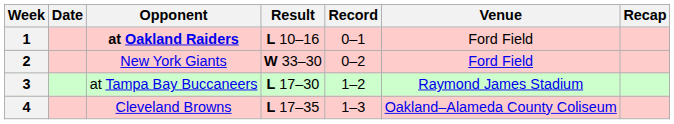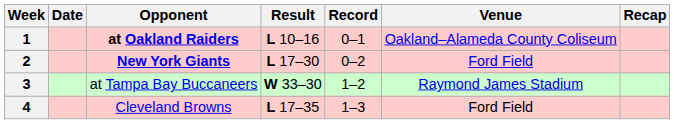 <table class="wikitable" style="text-align:center">
 <tr>
 <th>Week</th>
 <th>Date</th>
 <th>Opponent</th>
 <th>Result</th>
 <th>Record</th>
 <th>Venue</th>
 <th>Recap</th>
 </tr>
 <tr style="background:#fcc">
 <th>1</th>
 <td></td>
 <td><strong>at <a href='#'>Oakland Raiders</a></strong></td>
 <td><strong>L</strong> 10–16</td>
 <td>0–1</td>
-<td>Ford Field</td>
+<td><a href='#'>Oakland–Alameda County Coliseum</a></td>
 <td></td>
 </tr>
 <tr style="background:#fcc">
 <th>2</th>
 <td></td>
-<td><a href='#'>New York Giants</a></td>
-<td><strong>W</strong> 33–30</td>
+<td><strong><a href='#'>New York Giants</a></strong></td>
+<td><strong>L</strong> 17–30</td>
 <td>0–2</td>
 <td><a href='#'>Ford Field</a></td>
 <td></td>
 </tr>
 <tr style="background:#cfc">
 <th>3</th>
 <td></td>
 <td>at <a href='#'>Tampa Bay Buccaneers</a></td>
-<td><strong>L</strong> 17–30</td>
+<td><strong>W</strong> 33–30</td>
 <td>1–2</td>
 <td><a href='#'>Raymond James Stadium</a></td>
 <td></td>
 </tr>
 <tr style="background:#fcc">
 <th>4</th>
 <td></td>
 <td><a href='#'>Cleveland Browns</a></td>
 <td><strong>L</strong> 17–35</td>
 <td>1–3</td>
-<td><a href='#'>Oakland–Alameda County Coliseum</a></td>
+<td>Ford Field</td>
 <td></td>
 </tr>
 </table>
